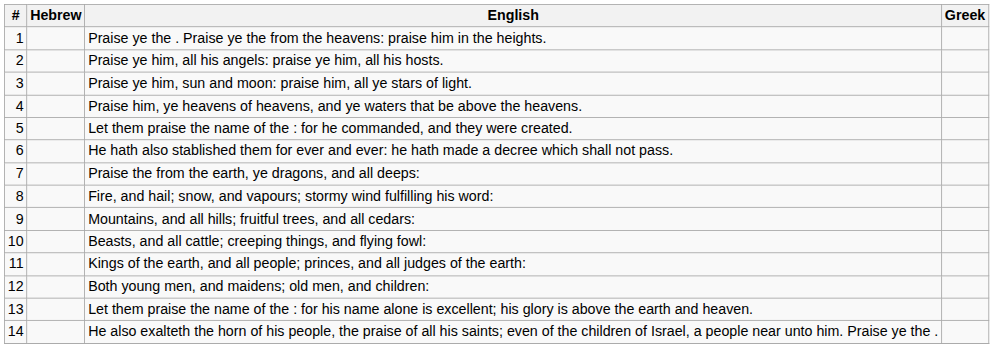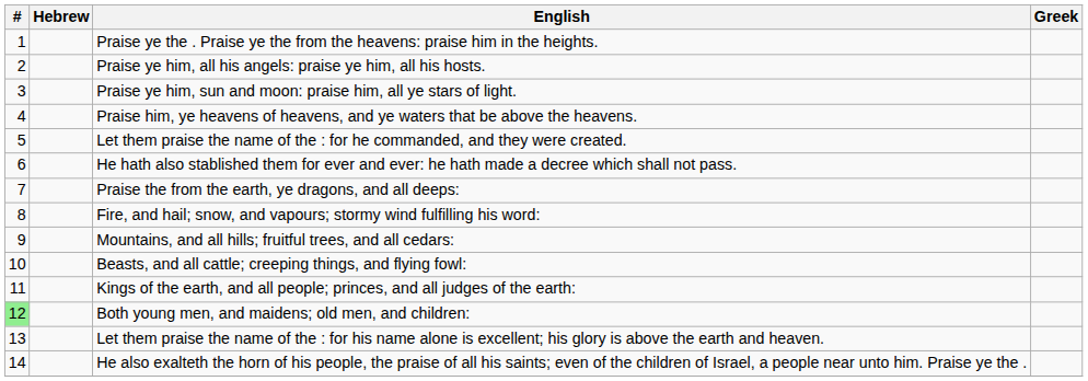 <table class=wikitable>
 <tr>
 <th>#</th>
 <th>Hebrew</th>
 <th>English</th>
 <th>Greek</th>
 </tr>
 <tr>
 <td style="text-align:right">1</td>
 <td style="text-align:right"></td>
 <td>Praise ye the . Praise ye the  from the heavens: praise him in the heights.</td>
 <td></td>
 </tr>
 <tr>
 <td style="text-align:right">2</td>
 <td style="text-align:right"></td>
 <td>Praise ye him, all his angels: praise ye him, all his hosts.</td>
 <td></td>
 </tr>
 <tr>
 <td style="text-align:right">3</td>
 <td style="text-align:right"></td>
 <td>Praise ye him, sun and moon: praise him, all ye stars of light.</td>
 <td></td>
 </tr>
 <tr>
 <td style="text-align:right">4</td>
 <td style="text-align:right"></td>
 <td>Praise him, ye heavens of heavens, and ye waters that be above the heavens.</td>
 <td></td>
 </tr>
 <tr>
 <td style="text-align:right">5</td>
 <td style="text-align:right"></td>
 <td>Let them praise the name of the : for he commanded, and they were created.</td>
 <td></td>
 </tr>
 <tr>
 <td style="text-align:right">6</td>
 <td style="text-align:right"></td>
 <td>He hath also stablished them for ever and ever: he hath made a decree which shall not pass.</td>
 <td></td>
 </tr>
 <tr>
 <td style="text-align:right">7</td>
 <td style="text-align:right"></td>
 <td>Praise the  from the earth, ye dragons, and all deeps:</td>
 <td></td>
 </tr>
 <tr>
 <td style="text-align:right">8</td>
 <td style="text-align:right"></td>
 <td>Fire, and hail; snow, and vapours; stormy wind fulfilling his word:</td>
 <td></td>
 </tr>
 <tr>
 <td style="text-align:right">9</td>
 <td style="text-align:right"></td>
 <td>Mountains, and all hills; fruitful trees, and all cedars:</td>
 <td></td>
 </tr>
 <tr>
 <td style="text-align:right">10</td>
 <td style="text-align:right"></td>
 <td>Beasts, and all cattle; creeping things, and flying fowl:</td>
 <td></td>
 </tr>
 <tr>
 <td style="text-align:right">11</td>
 <td style="text-align:right"></td>
 <td>Kings of the earth, and all people; princes, and all judges of the earth:</td>
 <td></td>
 </tr>
 <tr>
-<td style="text-align:right">12</td>
+<td style="background: lightgreen; text-align:right">12</td>
 <td style="text-align:right"></td>
 <td>Both young men, and maidens; old men, and children:</td>
 <td></td>
 </tr>
 <tr>
 <td style="text-align:right">13</td>
 <td style="text-align:right"></td>
 <td>Let them praise the name of the : for his name alone is excellent; his glory is above the earth and heaven.</td>
 <td></td>
 </tr>
 <tr>
 <td style="text-align:right">14</td>
 <td style="text-align:right"></td>
 <td>He also exalteth the horn of his people, the praise of all his saints; even of the children of Israel, a people near unto him. Praise ye the .</td>
 <td></td>
 </tr>
 <tr>
 </tr>
 </table>
